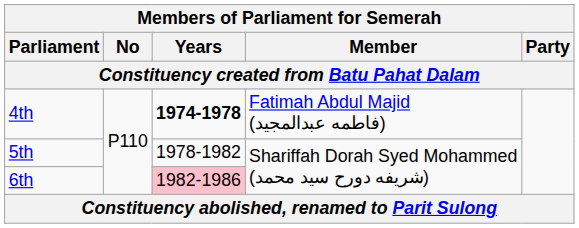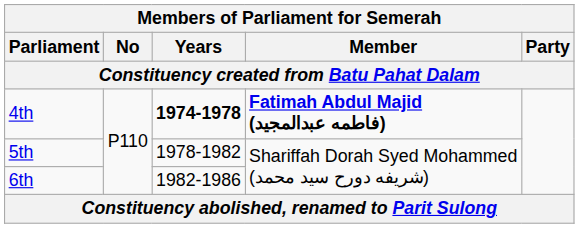 <table class=wikitable>
 <tr>
 <th colspan="5">Members of Parliament for Semerah</th>
 </tr>
 <tr>
 <th>Parliament</th>
 <th>No</th>
 <th>Years</th>
 <th>Member</th>
 <th>Party</th>
 </tr>
 <tr>
 <th colspan="5" align="center"><em>Constituency created from <a href='#'>Batu Pahat Dalam</a></em></th>
 </tr>
 <tr>
 <td><a href='#'>4th</a></td>
 <td rowspan="3">P110</td>
 <td><strong>1974-1978</strong></td>
-<td><a href='#'>Fatimah Abdul Majid</a>  <br>(فاطمه عبدالمجيد)</td>
+<td><strong><a href='#'>Fatimah Abdul Majid</a>  <br>(فاطمه عبدالمجيد)</strong></td>
 <td rowspan=3></td>
 </tr>
 <tr>
 <td><a href='#'>5th</a></td>
 <td>1978-1982</td>
 <td rowspan=2>Shariffah Dorah Syed Mohammed  <br>(شريفه دورح سيد محمد)</td>
 </tr>
 <tr>
 <td><a href='#'>6th</a></td>
-<td style="background: pink;">1982-1986</td>
+<td>1982-1986</td>
 </tr>
 <tr>
 <th colspan="5" align="center"><em>Constituency abolished, renamed to <a href='#'>Parit Sulong</a></em></th>
 </tr>
 </table>
